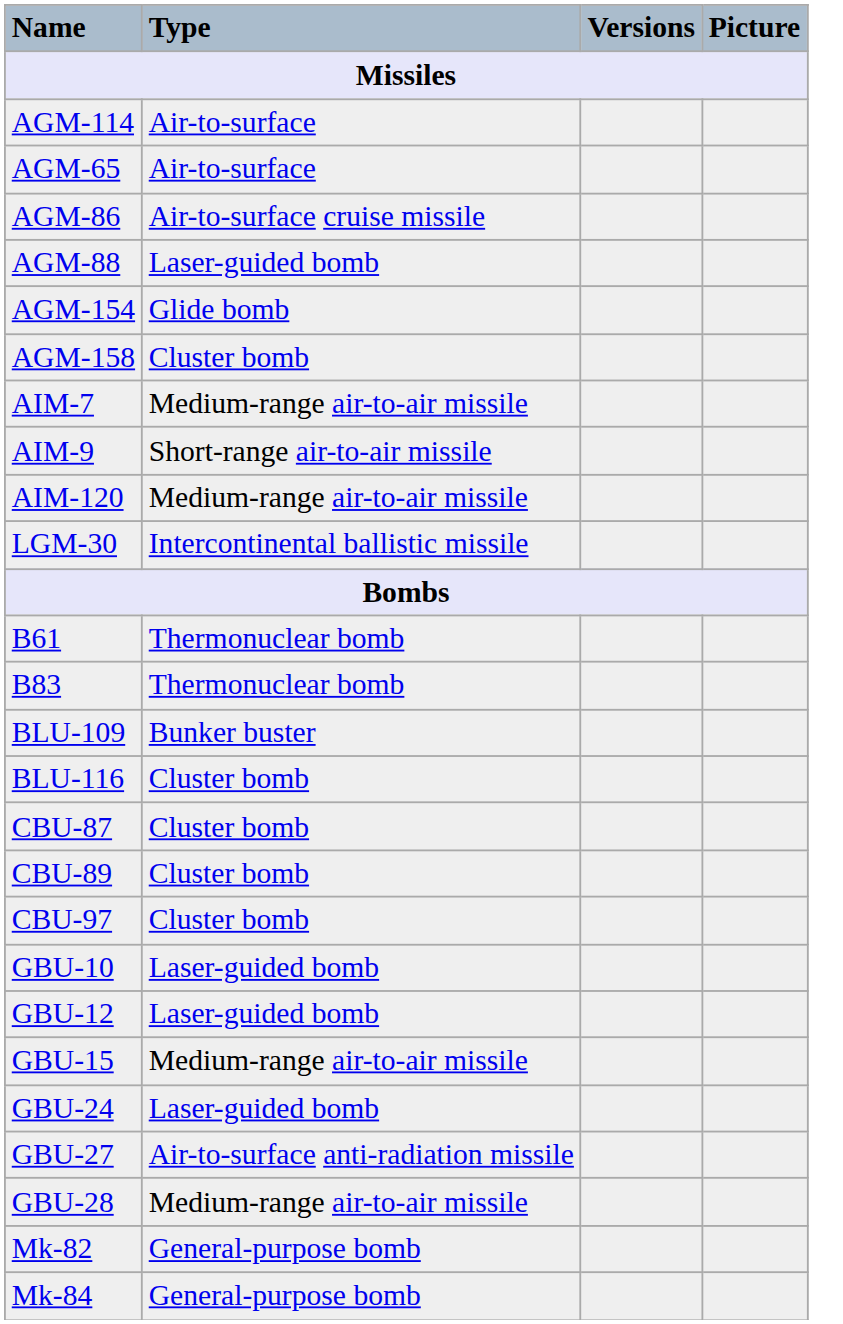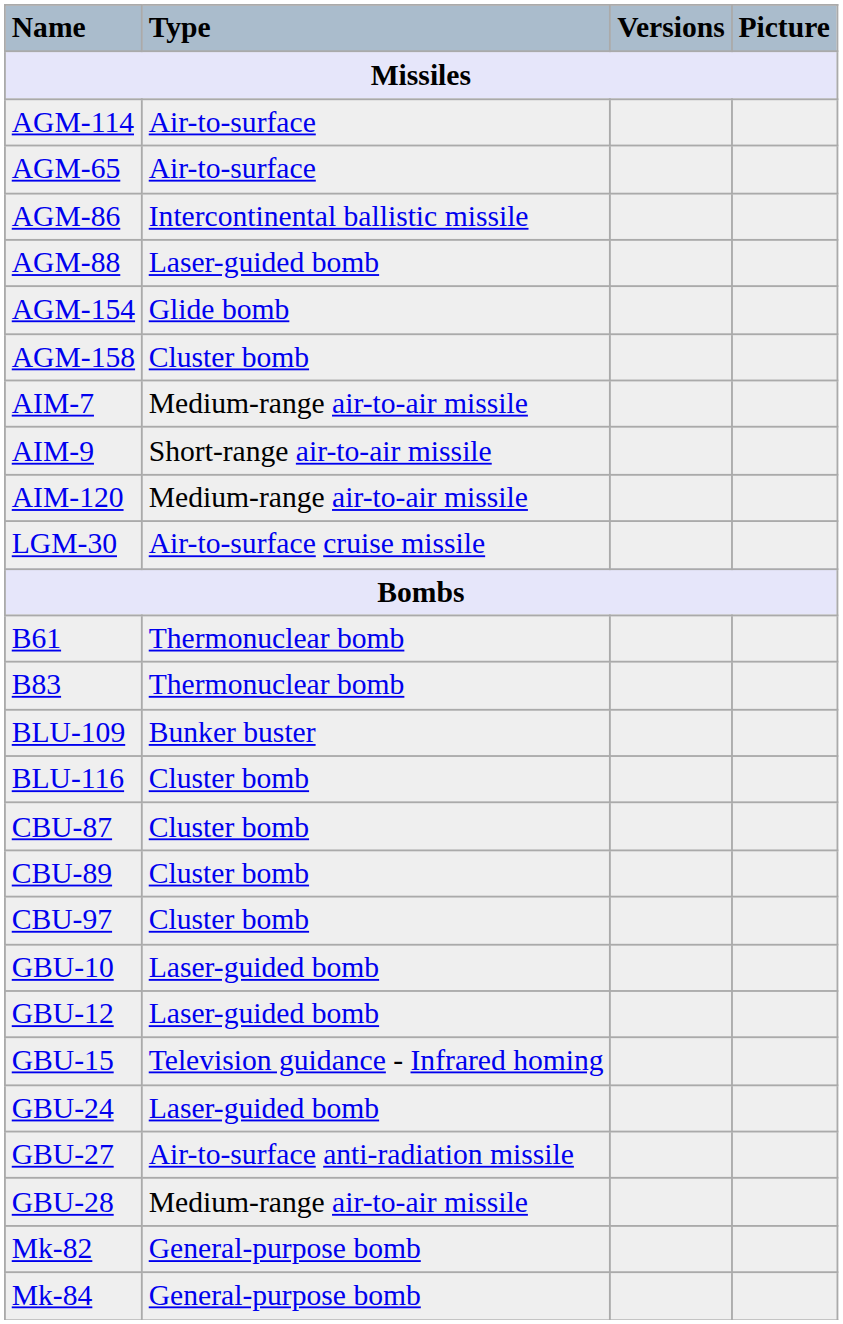 <table class="wikitable">
 <tr>
 <th style="text-align: left; background: #aabccc;">Name</th>
 <th style="text-align: left; background: #aabccc;">Type</th>
 <th style="text-align: left; background: #aabccc;">Versions</th>
 <th style="text-align: left; background: #aabccc;">Picture</th>
 </tr>
 <tr ---->
 <th style="align: center; background: lavender;" colspan="7">Missiles</th>
 </tr>
 <tr style="background:#efefef; color:black">
 <td><a href='#'>AGM-114</a></td>
 <td><a href='#'>Air-to-surface</a></td>
 <td></td>
 <td></td>
 </tr>
 <tr style="background:#efefef; color:black">
 <td><a href='#'>AGM-65</a></td>
 <td><a href='#'>Air-to-surface</a></td>
 <td></td>
 <td></td>
 </tr>
 <tr style="background:#efefef; color:black">
 <td><a href='#'>AGM-86</a></td>
-<td><a href='#'>Air-to-surface</a> <a href='#'>cruise missile</a></td>
+<td><a href='#'>Intercontinental ballistic missile</a></td>
 <td></td>
 <td></td>
 </tr>
 <tr style="background:#efefef; color:black">
 <td><a href='#'>AGM-88</a></td>
 <td><a href='#'>Laser-guided bomb</a></td>
 <td></td>
 <td></td>
 </tr>
 <tr style="background:#efefef; color:black">
 <td><a href='#'>AGM-154</a></td>
 <td><a href='#'>Glide bomb</a></td>
 <td></td>
 <td></td>
 </tr>
 <tr style="background:#efefef; color:black">
 <td><a href='#'>AGM-158</a></td>
 <td><a href='#'>Cluster bomb</a></td>
 <td></td>
 <td></td>
 </tr>
 <tr style="background:#efefef; color:black">
 <td><a href='#'>AIM-7</a></td>
 <td>Medium-range <a href='#'>air-to-air missile</a></td>
 <td></td>
 <td></td>
 </tr>
 <tr style="background:#efefef; color:black">
 <td><a href='#'>AIM-9</a></td>
 <td>Short-range <a href='#'>air-to-air missile</a></td>
 <td></td>
 <td></td>
 </tr>
 <tr style="background:#efefef; color:black">
 <td><a href='#'>AIM-120</a></td>
 <td>Medium-range <a href='#'>air-to-air missile</a></td>
 <td></td>
 <td></td>
 </tr>
 <tr style="background:#efefef; color:black">
 <td><a href='#'>LGM-30</a></td>
-<td><a href='#'>Intercontinental ballistic missile</a></td>
+<td><a href='#'>Air-to-surface</a> <a href='#'>cruise missile</a></td>
 <td></td>
 <td></td>
 </tr>
 <tr ---->
 <th style="align: center; background: lavender;" colspan="7">Bombs</th>
 </tr>
 <tr style="background:#efefef; color:black">
 <td><a href='#'>B61</a></td>
 <td><a href='#'>Thermonuclear bomb</a></td>
 <td></td>
 <td></td>
 </tr>
 <tr style="background:#efefef; color:black">
 <td><a href='#'>B83</a></td>
 <td><a href='#'>Thermonuclear bomb</a></td>
 <td></td>
 <td></td>
 </tr>
 <tr style="background:#efefef; color:black">
 <td><a href='#'>BLU-109</a></td>
 <td><a href='#'>Bunker buster</a></td>
 <td></td>
 <td></td>
 </tr>
 <tr style="background:#efefef; color:black">
 <td><a href='#'>BLU-116</a></td>
 <td><a href='#'>Cluster bomb</a></td>
 <td></td>
 <td></td>
 </tr>
 <tr style="background:#efefef; color:black">
 <td><a href='#'>CBU-87</a></td>
 <td><a href='#'>Cluster bomb</a></td>
 <td></td>
 <td></td>
 </tr>
 <tr style="background:#efefef; color:black">
 <td><a href='#'>CBU-89</a></td>
 <td><a href='#'>Cluster bomb</a></td>
 <td></td>
 <td></td>
 </tr>
 <tr style="background:#efefef; color:black">
 <td><a href='#'>CBU-97</a></td>
 <td><a href='#'>Cluster bomb</a></td>
 <td></td>
 <td></td>
 </tr>
 <tr style="background:#efefef; color:black">
 <td><a href='#'>GBU-10</a></td>
 <td><a href='#'>Laser-guided bomb</a></td>
 <td></td>
 <td></td>
 </tr>
 <tr style="background:#efefef; color:black">
 <td><a href='#'>GBU-12</a></td>
 <td><a href='#'>Laser-guided bomb</a></td>
 <td></td>
 <td></td>
 </tr>
 <tr style="background:#efefef; color:black">
 <td><a href='#'>GBU-15</a></td>
-<td>Medium-range <a href='#'>air-to-air missile</a></td>
+<td><a href='#'>Television guidance</a> - <a href='#'>Infrared homing</a></td>
 <td></td>
 <td></td>
 </tr>
 <tr style="background:#efefef; color:black">
 <td><a href='#'>GBU-24</a></td>
 <td><a href='#'>Laser-guided bomb</a></td>
 <td></td>
 <td></td>
 </tr>
 <tr style="background:#efefef; color:black">
 <td><a href='#'>GBU-27</a></td>
 <td><a href='#'>Air-to-surface</a> <a href='#'>anti-radiation missile</a></td>
 <td></td>
 <td></td>
 </tr>
 <tr style="background:#efefef; color:black">
 <td><a href='#'>GBU-28</a></td>
 <td>Medium-range <a href='#'>air-to-air missile</a></td>
 <td></td>
 <td></td>
 </tr>
 <tr style="background:#efefef; color:black">
 <td><a href='#'>Mk-82</a></td>
 <td><a href='#'>General-purpose bomb</a></td>
 <td></td>
 <td></td>
 </tr>
 <tr style="background:#efefef; color:black">
 <td><a href='#'>Mk-84</a></td>
 <td><a href='#'>General-purpose bomb</a></td>
 <td></td>
 <td></td>
 </tr>
 </table>
